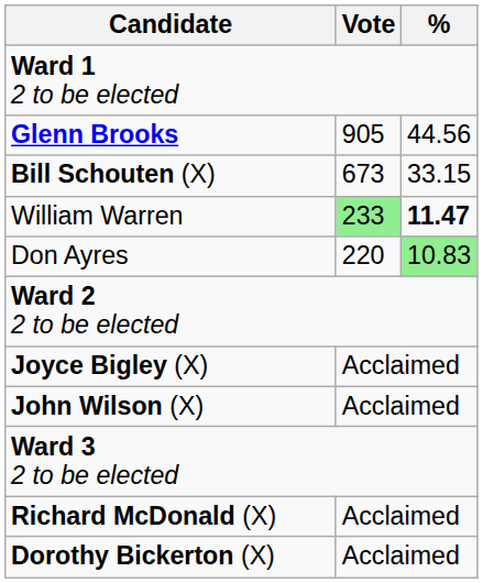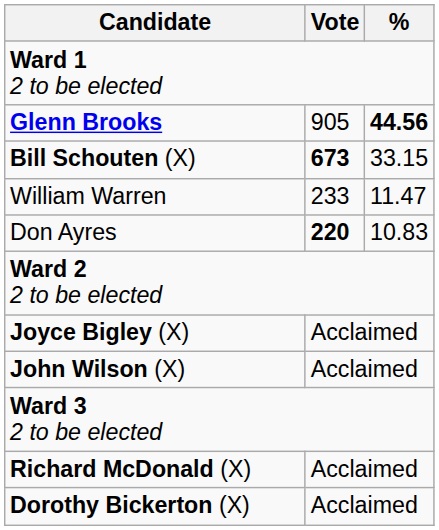 <table class="wikitable">
 <tr>
 <th bgcolor="#DDDDFF" width="200px">Candidate</th>
 <th bgcolor="#DDDDFF">Vote</th>
 <th bgcolor="#DDDDFF">%</th>
 </tr>
 <tr>
 <td colspan="4"><strong>Ward 1</strong> <br> <em>2 to be elected</em></td>
 </tr>
 <tr>
 <td><strong><a href='#'>Glenn Brooks</a></strong></td>
 <td>905</td>
-<td>44.56</td>
+<td><strong>44.56</strong></td>
 </tr>
 <tr>
 <td><strong>Bill Schouten</strong> (X)</td>
-<td>673</td>
+<td><strong>673</strong></td>
 <td>33.15</td>
 </tr>
 <tr>
 <td>William Warren</td>
-<td style="background: lightgreen;">233</td>
-<td><strong>11.47</strong></td>
+<td>233</td>
+<td>11.47</td>
 </tr>
 <tr>
 <td>Don Ayres</td>
-<td>220</td>
-<td style="background: lightgreen;">10.83</td>
+<td><strong>220</strong></td>
+<td>10.83</td>
 </tr>
 <tr>
 <td colspan="4"><strong>Ward 2</strong> <br> <em>2 to be elected</em></td>
 </tr>
 <tr>
 <td><strong>Joyce Bigley</strong> (X)</td>
 <td colspan="2">Acclaimed</td>
 </tr>
 <tr>
 <td><strong>John Wilson</strong> (X)</td>
 <td colspan="2">Acclaimed</td>
 </tr>
 <tr>
 <td colspan="4"><strong>Ward 3</strong> <br> <em>2 to be elected</em></td>
 </tr>
 <tr>
 <td><strong>Richard McDonald</strong> (X)</td>
 <td colspan="2">Acclaimed</td>
 </tr>
 <tr>
 <td><strong>Dorothy Bickerton</strong> (X)</td>
 <td colspan="2">Acclaimed</td>
 </tr>
 </table>
